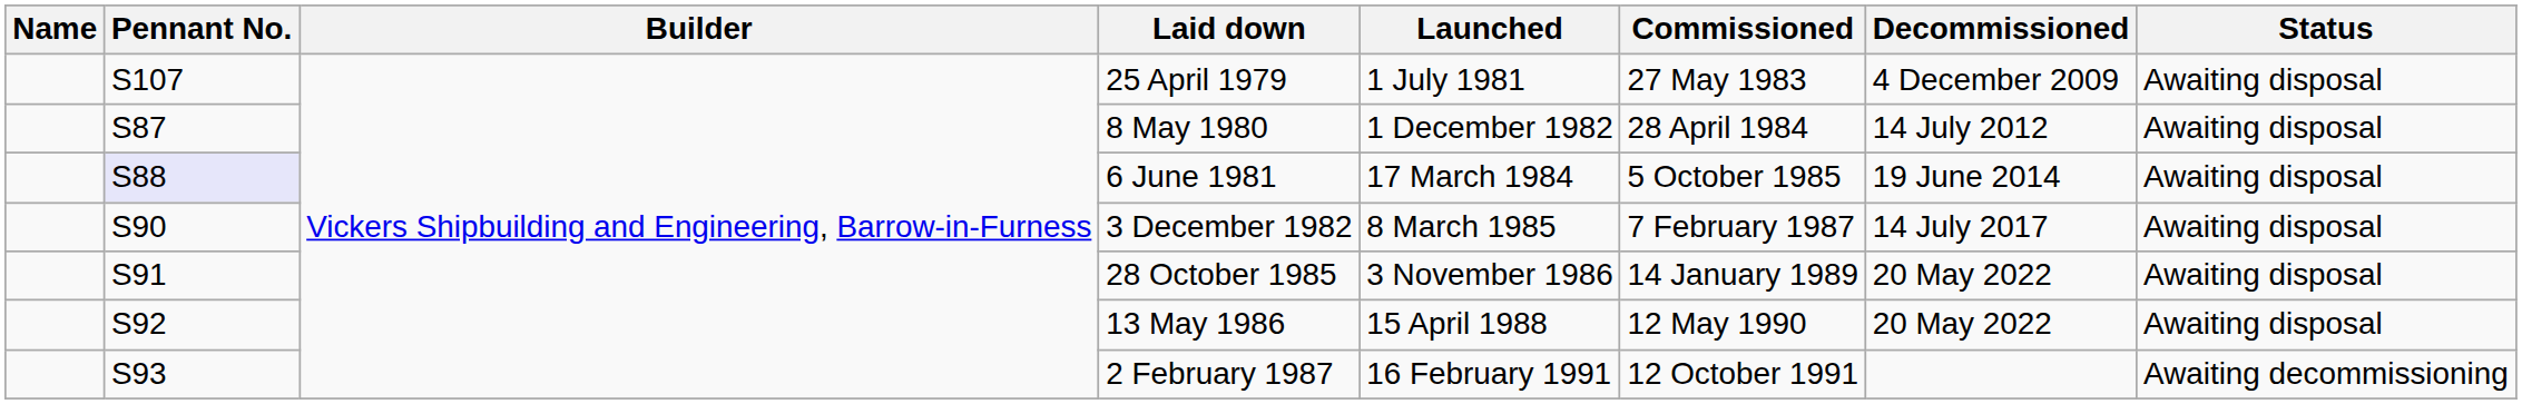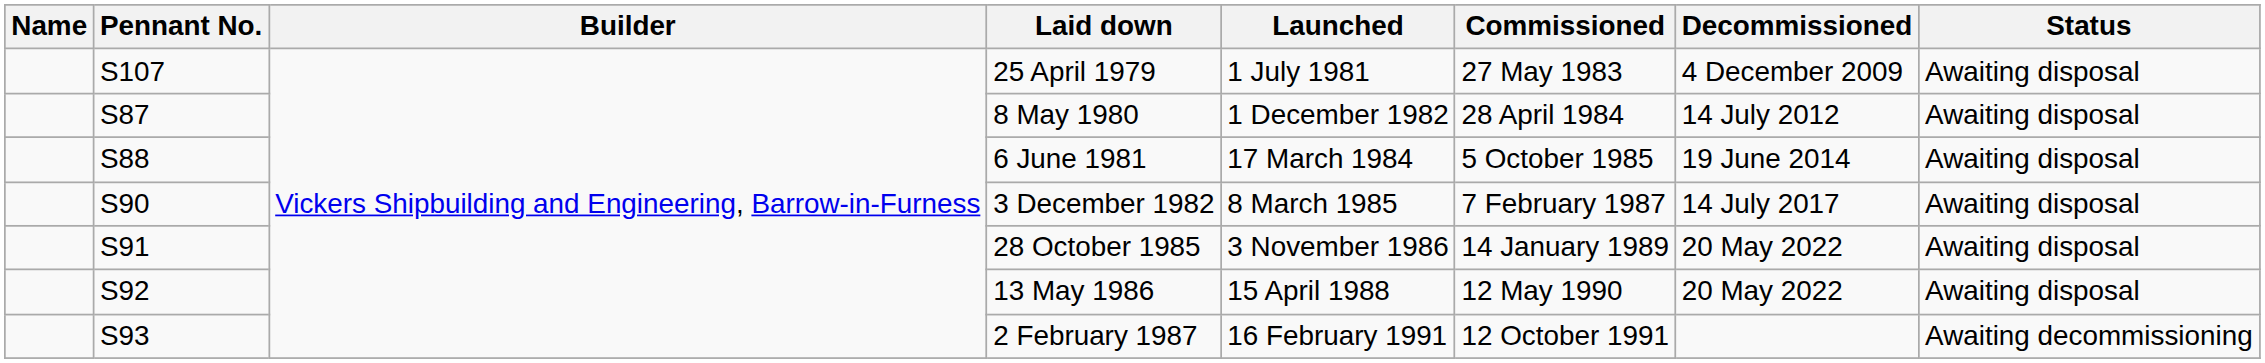 <table class="wikitable" align="center">
 <tr>
 <th>Name</th>
 <th>Pennant No.</th>
 <th>Builder</th>
 <th>Laid down</th>
 <th>Launched</th>
 <th>Commissioned</th>
 <th>Decommissioned</th>
 <th>Status</th>
 </tr>
 <tr>
 <td></td>
 <td>S107</td>
 <td rowspan=7><a href='#'>Vickers Shipbuilding and Engineering</a>, <a href='#'>Barrow-in-Furness</a></td>
 <td>25 April 1979</td>
 <td>1 July 1981</td>
 <td>27 May 1983</td>
 <td>4 December 2009</td>
 <td>Awaiting disposal</td>
 </tr>
 <tr>
 <td></td>
 <td>S87</td>
 <td>8 May 1980</td>
 <td>1 December 1982</td>
 <td>28 April 1984</td>
 <td>14 July 2012</td>
 <td>Awaiting disposal</td>
 </tr>
 <tr>
 <td></td>
-<td style="background: lavender;">S88</td>
+<td>S88</td>
 <td>6 June 1981</td>
 <td>17 March 1984</td>
 <td>5 October 1985</td>
 <td>19 June 2014</td>
 <td>Awaiting disposal</td>
 </tr>
 <tr>
 <td></td>
 <td>S90</td>
 <td>3 December 1982</td>
 <td>8 March 1985</td>
 <td>7 February 1987</td>
 <td>14 July 2017</td>
 <td>Awaiting disposal</td>
 </tr>
 <tr>
 <td></td>
 <td>S91</td>
 <td>28 October 1985</td>
 <td>3 November 1986</td>
 <td>14 January 1989</td>
 <td>20 May 2022</td>
 <td>Awaiting disposal</td>
 </tr>
 <tr>
 <td></td>
 <td>S92</td>
 <td>13 May 1986</td>
 <td>15 April 1988</td>
 <td>12 May 1990</td>
 <td>20 May 2022</td>
 <td>Awaiting disposal</td>
 </tr>
 <tr>
 <td></td>
 <td>S93</td>
 <td>2 February 1987</td>
 <td>16 February 1991</td>
 <td>12 October 1991</td>
 <td></td>
 <td>Awaiting decommissioning </td>
 </tr>
 </table>
